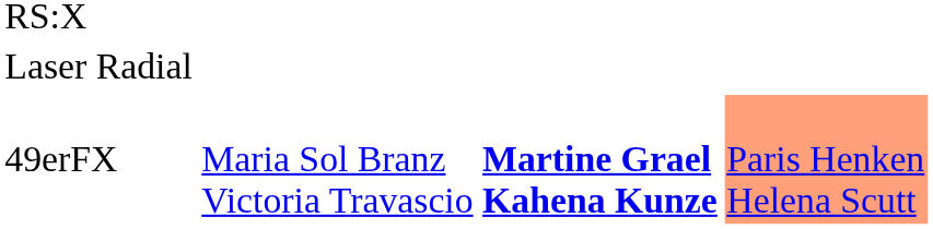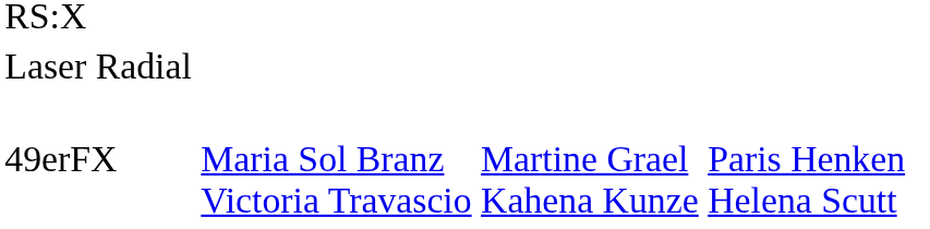 <table>
 <tr>
 <td>RS:X<br></td>
 <td></td>
 <td></td>
 <td></td>
 </tr>
 <tr>
 <td>Laser Radial<br></td>
 <td></td>
 <td></td>
 <td></td>
 </tr>
 <tr>
 <td>49erFX<br></td>
 <td> <br><a href='#'>Maria Sol Branz</a><br><a href='#'>Victoria Travascio</a></td>
-<td><strong> <br><a href='#'>Martine Grael</a><br><a href='#'>Kahena Kunze</a></strong></td>
-<td style="background: lightsalmon;"> <br><a href='#'>Paris Henken</a><br><a href='#'>Helena Scutt</a></td>
+<td> <br><a href='#'>Martine Grael</a><br><a href='#'>Kahena Kunze</a></td>
+<td> <br><a href='#'>Paris Henken</a><br><a href='#'>Helena Scutt</a></td>
 </tr>
 </table>
